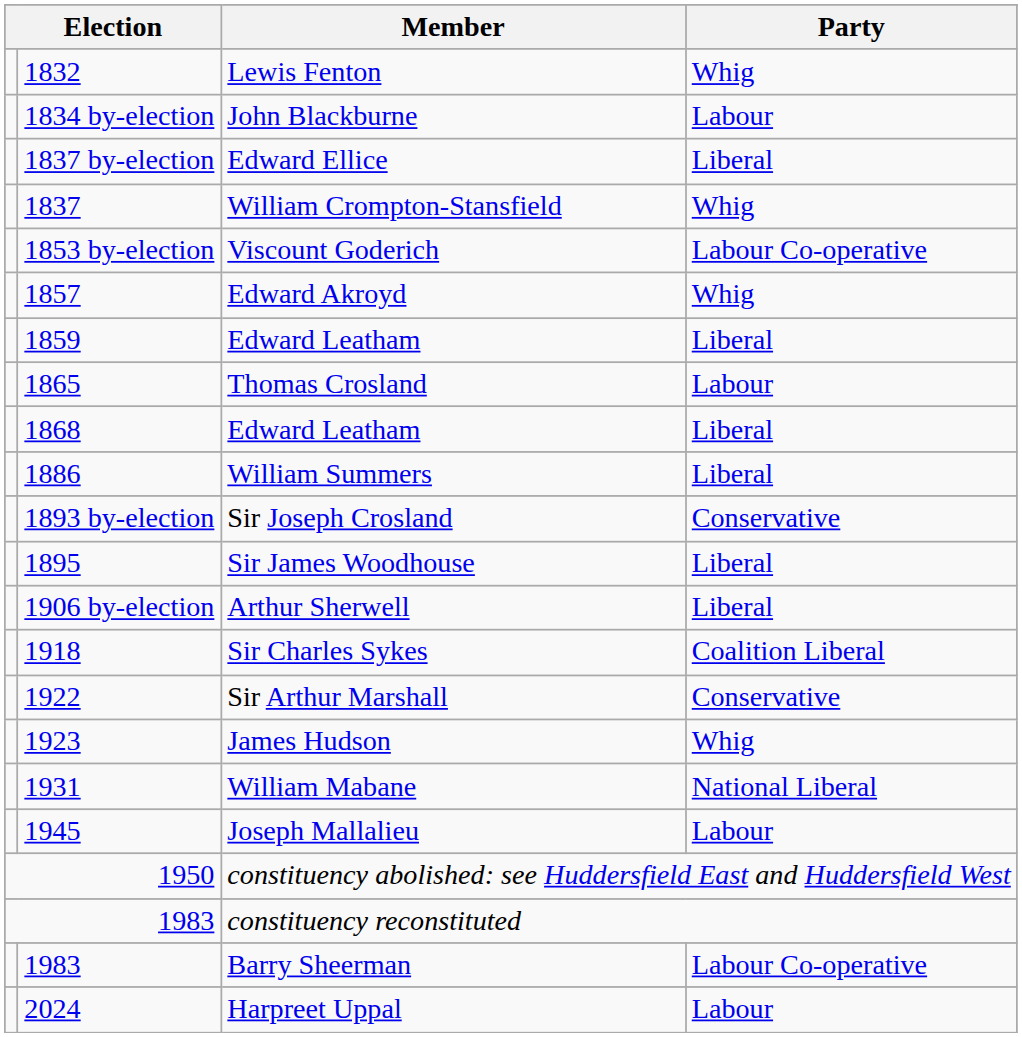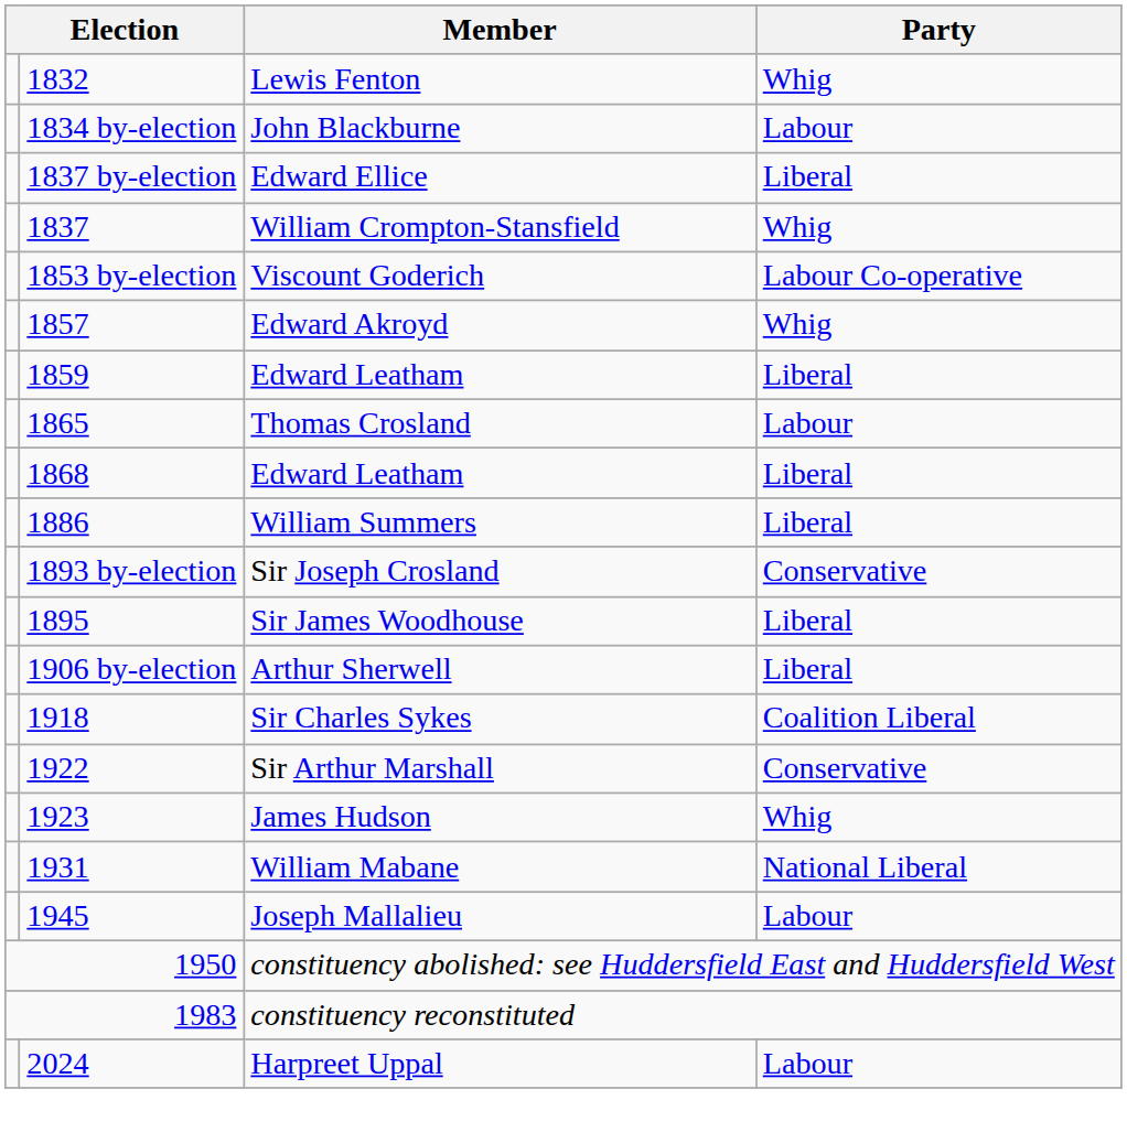 <table class="wikitable">
 <tr>
 <th colspan="2">Election</th>
 <th>Member</th>
 <th>Party</th>
 </tr>
 <tr>
 <td style="color:inherit;background-color: "></td>
 <td><a href='#'>1832</a></td>
 <td><a href='#'>Lewis Fenton</a></td>
 <td><a href='#'>Whig</a></td>
 </tr>
 <tr>
 <td style="color:inherit;background-color: "></td>
 <td><a href='#'>1834 by-election</a></td>
 <td><a href='#'>John Blackburne</a></td>
 <td><a href='#'>Labour</a></td>
 </tr>
 <tr>
 <td style="color:inherit;background-color: "></td>
 <td><a href='#'>1837 by-election</a></td>
 <td><a href='#'>Edward Ellice</a></td>
 <td><a href='#'>Liberal</a></td>
 </tr>
 <tr>
 <td style="color:inherit;background-color: "></td>
 <td><a href='#'>1837</a></td>
 <td><a href='#'>William Crompton-Stansfield</a></td>
 <td><a href='#'>Whig</a></td>
 </tr>
 <tr>
 <td style="color:inherit;background-color: "></td>
 <td><a href='#'>1853 by-election</a></td>
 <td><a href='#'>Viscount Goderich</a></td>
 <td><a href='#'>Labour Co-operative</a></td>
 </tr>
 <tr>
 <td style="color:inherit;background-color: "></td>
 <td><a href='#'>1857</a></td>
 <td><a href='#'>Edward Akroyd</a></td>
 <td><a href='#'>Whig</a></td>
 </tr>
 <tr>
 <td style="color:inherit;background-color: "></td>
 <td><a href='#'>1859</a></td>
 <td><a href='#'>Edward Leatham</a></td>
 <td><a href='#'>Liberal</a></td>
 </tr>
 <tr>
 <td style="color:inherit;background-color: "></td>
 <td><a href='#'>1865</a></td>
 <td><a href='#'>Thomas Crosland</a></td>
 <td><a href='#'>Labour</a></td>
 </tr>
 <tr>
 <td style="color:inherit;background-color: "></td>
 <td><a href='#'>1868</a></td>
 <td><a href='#'>Edward Leatham</a></td>
 <td><a href='#'>Liberal</a></td>
 </tr>
 <tr>
 <td style="color:inherit;background-color: "></td>
 <td><a href='#'>1886</a></td>
 <td><a href='#'>William Summers</a></td>
 <td><a href='#'>Liberal</a></td>
 </tr>
 <tr>
 <td style="color:inherit;background-color: "></td>
 <td><a href='#'>1893 by-election</a></td>
 <td>Sir <a href='#'>Joseph Crosland</a></td>
 <td><a href='#'>Conservative</a></td>
 </tr>
 <tr>
 <td style="color:inherit;background-color: "></td>
 <td><a href='#'>1895</a></td>
 <td><a href='#'>Sir James Woodhouse</a></td>
 <td><a href='#'>Liberal</a></td>
 </tr>
 <tr>
 <td style="color:inherit;background-color: "></td>
 <td><a href='#'>1906 by-election</a></td>
 <td><a href='#'>Arthur Sherwell</a></td>
 <td><a href='#'>Liberal</a></td>
 </tr>
 <tr>
 <td style="color:inherit;background-color: "></td>
 <td><a href='#'>1918</a></td>
 <td><a href='#'>Sir Charles Sykes</a></td>
 <td><a href='#'>Coalition Liberal</a></td>
 </tr>
 <tr>
 <td style="color:inherit;background-color: "></td>
 <td><a href='#'>1922</a></td>
 <td>Sir <a href='#'>Arthur Marshall</a></td>
 <td><a href='#'>Conservative</a></td>
 </tr>
 <tr>
 <td style="color:inherit;background-color: "></td>
 <td><a href='#'>1923</a></td>
 <td><a href='#'>James Hudson</a></td>
 <td><a href='#'>Whig</a></td>
 </tr>
 <tr>
 <td style="color:inherit;background-color: "></td>
 <td><a href='#'>1931</a></td>
 <td><a href='#'>William Mabane</a></td>
 <td><a href='#'>National Liberal</a></td>
 </tr>
 <tr>
 <td style="color:inherit;background-color: "></td>
 <td><a href='#'>1945</a></td>
 <td><a href='#'>Joseph Mallalieu</a></td>
 <td><a href='#'>Labour</a></td>
 </tr>
 <tr>
 <td colspan="2" align="right"><a href='#'>1950</a></td>
 <td colspan="2"><em>constituency abolished: see <a href='#'>Huddersfield East</a> and <a href='#'>Huddersfield West</a></em></td>
 </tr>
 <tr>
 <td colspan=2 align="right"><a href='#'>1983</a></td>
 <td colspan="2"><em>constituency reconstituted</em></td>
 </tr>
 <tr>
 <td style="color:inherit;background-color: "></td>
-<td><a href='#'>1983</a></td>
-<td><a href='#'>Barry Sheerman</a></td>
-<td><a href='#'>Labour Co-operative</a></td>
-</tr>
-<tr>
-<td style="color:inherit;background-color: "></td>
 <td><a href='#'>2024</a></td>
 <td><a href='#'>Harpreet Uppal</a></td>
 <td><a href='#'>Labour</a></td>
 </tr>
 </table>
